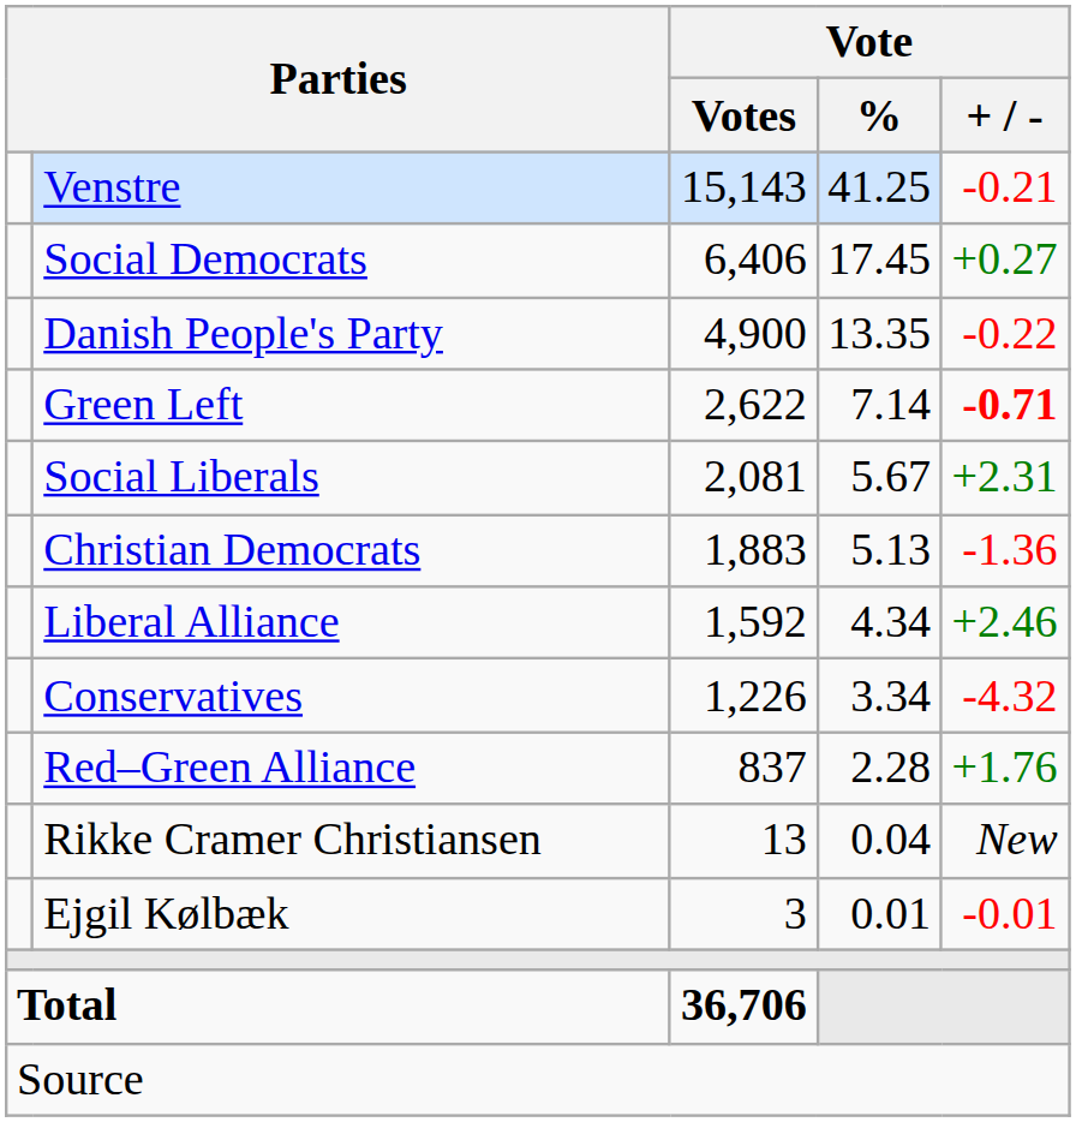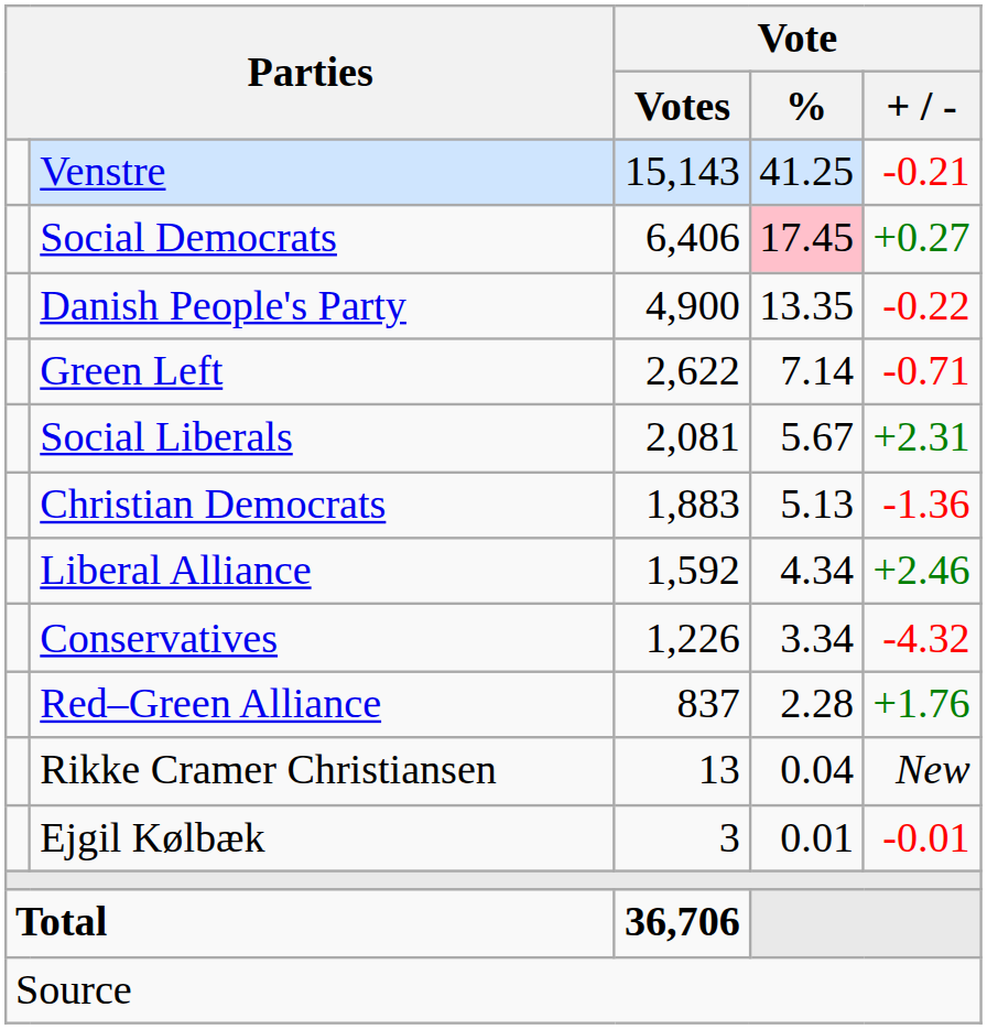 <table class="wikitable" style="text-align:right;">
 <tr>
 <th style="text-align:centre;" rowspan="2" colspan="2" width="225">Parties</th>
 <th colspan="3">Vote</th>
 </tr>
 <tr>
 <th width="15">Votes</th>
 <th width="15">%</th>
 <th width="15">+ / -</th>
 </tr>
 <tr>
 <td width="2" style="color:inherit;background:"></td>
 <td bgcolor=#cfe5fe  align="left"><a href='#'>Venstre</a></td>
 <td bgcolor=#cfe5fe>15,143</td>
 <td bgcolor=#cfe5fe>41.25</td>
 <td style=color:red;>-0.21</td>
 </tr>
 <tr>
 <td width="2" style="color:inherit;background:"></td>
 <td align="left"><a href='#'>Social Democrats</a></td>
 <td>6,406</td>
-<td>17.45</td>
+<td style="background: pink;">17.45</td>
 <td style=color:green;>+0.27</td>
 </tr>
 <tr>
 <td width="2" style="color:inherit;background:"></td>
 <td align="left"><a href='#'>Danish People's Party</a></td>
 <td>4,900</td>
 <td>13.35</td>
 <td style=color:red;>-0.22</td>
 </tr>
 <tr>
 <td width="2" style="color:inherit;background:"></td>
 <td align="left"><a href='#'>Green Left</a></td>
 <td>2,622</td>
 <td>7.14</td>
-<td style=color:red;><strong>-0.71</strong></td>
+<td style=color:red;>-0.71</td>
 </tr>
 <tr>
 <td width="2" style="color:inherit;background:"></td>
 <td align="left"><a href='#'>Social Liberals</a></td>
 <td>2,081</td>
 <td>5.67</td>
 <td style=color:green;>+2.31</td>
 </tr>
 <tr>
 <td width="2" style="color:inherit;background:"></td>
 <td align="left"><a href='#'>Christian Democrats</a></td>
 <td>1,883</td>
 <td>5.13</td>
 <td style=color:red;>-1.36</td>
 </tr>
 <tr>
 <td width="2" style="color:inherit;background:"></td>
 <td align="left"><a href='#'>Liberal Alliance</a></td>
 <td>1,592</td>
 <td>4.34</td>
 <td style=color:green;>+2.46</td>
 </tr>
 <tr>
 <td width="2" style="color:inherit;background:"></td>
 <td align="left"><a href='#'>Conservatives</a></td>
 <td>1,226</td>
 <td>3.34</td>
 <td style=color:red;>-4.32</td>
 </tr>
 <tr>
 <td width="2" style="color:inherit;background:"></td>
 <td align="left"><a href='#'>Red–Green Alliance</a></td>
 <td>837</td>
 <td>2.28</td>
 <td style=color:green;>+1.76</td>
 </tr>
 <tr>
 <td width="2" style="color:inherit;background:"></td>
 <td align="left">Rikke Cramer Christiansen</td>
 <td>13</td>
 <td>0.04</td>
 <td><em>New</em></td>
 </tr>
 <tr>
 <td width="2" style="color:inherit;background:"></td>
 <td align="left">Ejgil Kølbæk</td>
 <td>3</td>
 <td>0.01</td>
 <td style=color:red;>-0.01</td>
 </tr>
 <tr>
 <td colspan="7" bgcolor="#E9E9E9"></td>
 </tr>
 <tr>
 <td align="left" colspan="2"><strong>Total</strong></td>
 <td><strong>36,706</strong></td>
 <td bgcolor="#E9E9E9" colspan="2"></td>
 </tr>
 <tr>
 <td align="left" colspan="6">Source</td>
 </tr>
 </table>
